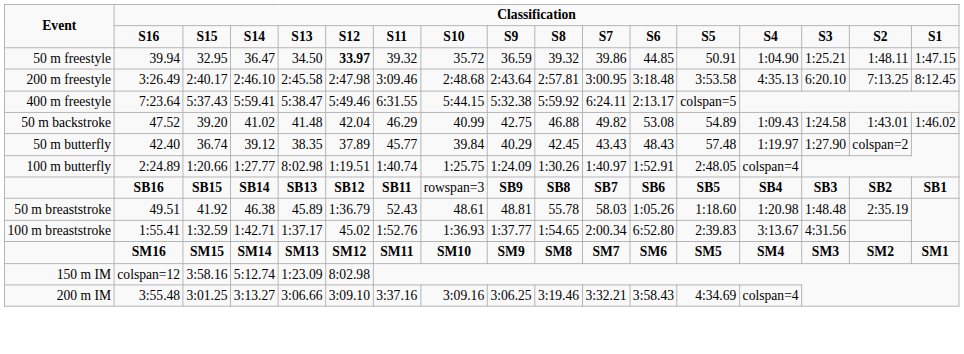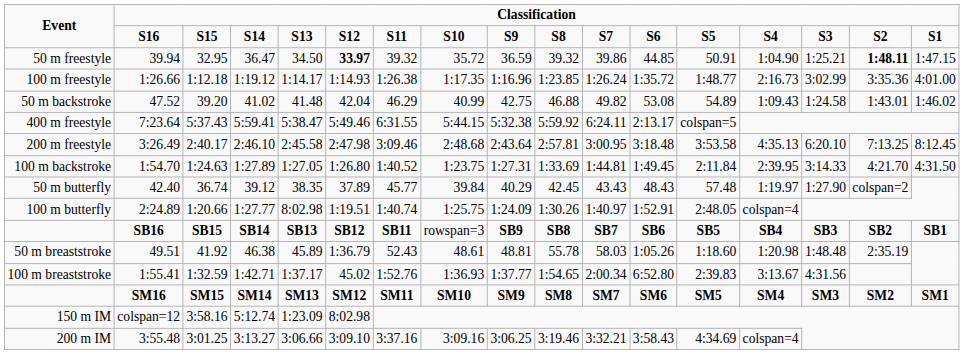 <table class="wikitable" style="text-align:right">
 <tr>
 <td align="center" rowspan="2"><strong>Event</strong></td>
 <td align="center" colspan="16"><strong>Classification</strong></td>
 </tr>
 <tr>
 <td align="center"><strong>S16</strong></td>
 <td align="center"><strong>S15</strong></td>
 <td align="center"><strong>S14</strong></td>
 <td align="center"><strong>S13</strong></td>
 <td align="center"><strong>S12</strong></td>
 <td align="center"><strong>S11</strong></td>
 <td align="center"><strong>S10</strong></td>
 <td align="center"><strong>S9</strong></td>
 <td align="center"><strong>S8</strong></td>
 <td align="center"><strong>S7</strong></td>
 <td align="center"><strong>S6</strong></td>
 <td align="center"><strong>S5</strong></td>
 <td align="center"><strong>S4</strong></td>
 <td align="center"><strong>S3</strong></td>
 <td align="center"><strong>S2</strong></td>
 <td align="center"><strong>S1</strong></td>
 </tr>
 <tr>
 <td>50 m freestyle</td>
 <td>39.94</td>
 <td>32.95</td>
 <td>36.47</td>
 <td>34.50</td>
 <td><strong>33.97</strong></td>
 <td>39.32</td>
 <td>35.72</td>
 <td>36.59</td>
 <td>39.32</td>
 <td>39.86</td>
 <td>44.85</td>
 <td>50.91</td>
 <td>1:04.90</td>
 <td>1:25.21</td>
-<td>1:48.11</td>
+<td><strong>1:48.11</strong></td>
 <td>1:47.15</td>
+</tr>
+<tr>
+<td>100 m freestyle</td>
+<td>1:26.66</td>
+<td>1:12.18</td>
+<td>1:19.12</td>
+<td>1:14.17</td>
+<td>1:14.93</td>
+<td>1:26.38</td>
+<td>1:17.35</td>
+<td>1:16.96</td>
+<td>1:23.85</td>
+<td>1:26.24</td>
+<td>1:35.72</td>
+<td>1:48.77</td>
+<td>2:16.73</td>
+<td>3:02.99</td>
+<td>3:35.36</td>
+<td>4:01.00</td>
+</tr>
+<tr>
+<td>50 m backstroke</td>
+<td>47.52</td>
+<td>39.20</td>
+<td>41.02</td>
+<td>41.48</td>
+<td>42.04</td>
+<td>46.29</td>
+<td>40.99</td>
+<td>42.75</td>
+<td>46.88</td>
+<td>49.82</td>
+<td>53.08</td>
+<td>54.89</td>
+<td>1:09.43</td>
+<td>1:24.58</td>
+<td>1:43.01</td>
+<td>1:46.02</td>
+</tr>
+<tr>
+<td>400 m freestyle</td>
+<td>7:23.64</td>
+<td>5:37.43</td>
+<td>5:59.41</td>
+<td>5:38.47</td>
+<td>5:49.46</td>
+<td>6:31.55</td>
+<td>5:44.15</td>
+<td>5:32.38</td>
+<td>5:59.92</td>
+<td>6:24.11</td>
+<td>2:13.17</td>
+<td>colspan=5 </td>
 </tr>
 <tr>
 <td>200 m freestyle</td>
 <td>3:26.49</td>
 <td>2:40.17</td>
 <td>2:46.10</td>
 <td>2:45.58</td>
 <td>2:47.98</td>
 <td>3:09.46</td>
 <td>2:48.68</td>
 <td>2:43.64</td>
 <td>2:57.81</td>
 <td>3:00.95</td>
 <td>3:18.48</td>
 <td>3:53.58</td>
 <td>4:35.13</td>
 <td>6:20.10</td>
 <td>7:13.25</td>
 <td>8:12.45</td>
 </tr>
 <tr>
-<td>400 m freestyle</td>
-<td>7:23.64</td>
-<td>5:37.43</td>
-<td>5:59.41</td>
-<td>5:38.47</td>
-<td>5:49.46</td>
-<td>6:31.55</td>
-<td>5:44.15</td>
-<td>5:32.38</td>
-<td>5:59.92</td>
-<td>6:24.11</td>
-<td>2:13.17</td>
-<td>colspan=5 </td>
-</tr>
-<tr>
-<td>50 m backstroke</td>
-<td>47.52</td>
-<td>39.20</td>
-<td>41.02</td>
-<td>41.48</td>
-<td>42.04</td>
-<td>46.29</td>
-<td>40.99</td>
-<td>42.75</td>
-<td>46.88</td>
-<td>49.82</td>
-<td>53.08</td>
-<td>54.89</td>
-<td>1:09.43</td>
-<td>1:24.58</td>
-<td>1:43.01</td>
-<td>1:46.02</td>
+<td>100 m backstroke</td>
+<td>1:54.70</td>
+<td>1:24.63</td>
+<td>1:27.89</td>
+<td>1:27.05</td>
+<td>1:26.80</td>
+<td>1:40.52</td>
+<td>1:23.75</td>
+<td>1:27.31</td>
+<td>1:33.69</td>
+<td>1:44.81</td>
+<td>1:49.45</td>
+<td>2:11.84</td>
+<td>2:39.95</td>
+<td>3:14.33</td>
+<td>4:21.70</td>
+<td>4:31.50</td>
 </tr>
 <tr>
 <td>50 m butterfly</td>
 <td>42.40</td>
 <td>36.74</td>
 <td>39.12</td>
 <td>38.35</td>
 <td>37.89</td>
 <td>45.77</td>
 <td>39.84</td>
 <td>40.29</td>
 <td>42.45</td>
 <td>43.43</td>
 <td>48.43</td>
 <td>57.48</td>
 <td>1:19.97</td>
 <td>1:27.90</td>
 <td>colspan=2 </td>
 </tr>
 <tr>
 <td>100 m butterfly</td>
 <td>2:24.89</td>
 <td>1:20.66</td>
 <td>1:27.77</td>
 <td>8:02.98</td>
 <td>1:19.51</td>
 <td>1:40.74</td>
 <td>1:25.75</td>
 <td>1:24.09</td>
 <td>1:30.26</td>
 <td>1:40.97</td>
 <td>1:52.91</td>
 <td>2:48.05</td>
 <td>colspan=4 </td>
 </tr>
 <tr>
 <td></td>
 <td align="center"><strong>SB16</strong></td>
 <td align="center"><strong>SB15</strong></td>
 <td align="center"><strong>SB14</strong></td>
 <td align="center"><strong>SB13</strong></td>
 <td align="center"><strong>SB12</strong></td>
 <td align="center"><strong>SB11</strong></td>
 <td>rowspan=3 </td>
 <td align="center"><strong>SB9</strong></td>
 <td align="center"><strong>SB8</strong></td>
 <td align="center"><strong>SB7</strong></td>
 <td align="center"><strong>SB6</strong></td>
 <td align="center"><strong>SB5</strong></td>
 <td align="center"><strong>SB4</strong></td>
 <td align="center"><strong>SB3</strong></td>
 <td align="center"><strong>SB2</strong></td>
 <td align="center"><strong>SB1</strong></td>
 </tr>
 <tr>
 <td>50 m breaststroke</td>
 <td>49.51</td>
 <td>41.92</td>
 <td>46.38</td>
 <td>45.89</td>
 <td>1:36.79</td>
 <td>52.43</td>
 <td>48.61</td>
 <td>48.81</td>
 <td>55.78</td>
 <td>58.03</td>
 <td>1:05.26</td>
 <td>1:18.60</td>
 <td>1:20.98</td>
 <td>1:48.48</td>
 <td>2:35.19</td>
 </tr>
 <tr>
 <td>100 m breaststroke</td>
 <td>1:55.41</td>
 <td>1:32.59</td>
 <td>1:42.71</td>
 <td>1:37.17</td>
 <td>45.02</td>
 <td>1:52.76</td>
 <td>1:36.93</td>
 <td>1:37.77</td>
 <td>1:54.65</td>
 <td>2:00.34</td>
 <td>6:52.80</td>
 <td>2:39.83</td>
 <td>3:13.67</td>
 <td>4:31.56</td>
 <td></td>
 </tr>
 <tr>
 <td></td>
 <td align="center"><strong>SM16</strong></td>
 <td align="center"><strong>SM15</strong></td>
 <td align="center"><strong>SM14</strong></td>
 <td align="center"><strong>SM13</strong></td>
 <td align="center"><strong>SM12</strong></td>
 <td align="center"><strong>SM11</strong></td>
 <td align="center"><strong>SM10</strong></td>
 <td align="center"><strong>SM9</strong></td>
 <td align="center"><strong>SM8</strong></td>
 <td align="center"><strong>SM7</strong></td>
 <td align="center"><strong>SM6</strong></td>
 <td align="center"><strong>SM5</strong></td>
 <td align="center"><strong>SM4</strong></td>
 <td align="center"><strong>SM3</strong></td>
 <td align="center"><strong>SM2</strong></td>
 <td align="center"><strong>SM1</strong></td>
 </tr>
 <tr>
 <td>150 m IM</td>
 <td>colspan=12 </td>
 <td>3:58.16</td>
 <td>5:12.74</td>
 <td>1:23.09</td>
 <td>8:02.98</td>
 </tr>
 <tr>
 <td>200 m IM</td>
 <td>3:55.48</td>
 <td>3:01.25</td>
 <td>3:13.27</td>
 <td>3:06.66</td>
 <td>3:09.10</td>
 <td>3:37.16</td>
 <td>3:09.16</td>
 <td>3:06.25</td>
 <td>3:19.46</td>
 <td>3:32.21</td>
 <td>3:58.43</td>
 <td>4:34.69</td>
 <td>colspan=4 </td>
 </tr>
 </table>
